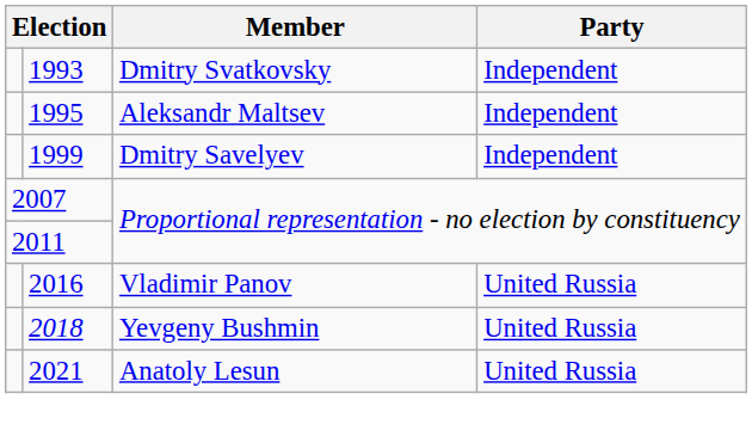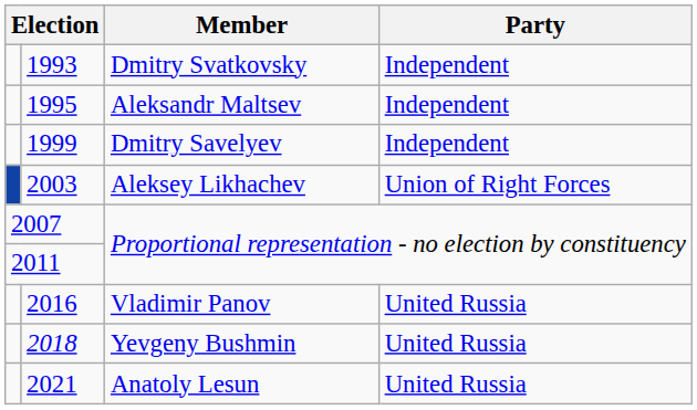 <table class="wikitable">
 <tr>
 <th colspan="2">Election</th>
 <th>Member</th>
 <th>Party</th>
 </tr>
 <tr>
 <td style="background-color:"></td>
 <td><a href='#'>1993</a></td>
 <td><a href='#'>Dmitry Svatkovsky</a></td>
 <td><a href='#'>Independent</a></td>
 </tr>
 <tr>
 <td style="background-color:"></td>
 <td><a href='#'>1995</a></td>
 <td><a href='#'>Aleksandr Maltsev</a></td>
 <td><a href='#'>Independent</a></td>
 </tr>
 <tr>
 <td style="background-color:"></td>
 <td><a href='#'>1999</a></td>
 <td><a href='#'>Dmitry Savelyev</a></td>
 <td><a href='#'>Independent</a></td>
+</tr>
+<tr>
+<td style="background-color:#1042A5"></td>
+<td><a href='#'>2003</a></td>
+<td><a href='#'>Aleksey Likhachev</a></td>
+<td><a href='#'>Union of Right Forces</a></td>
 </tr>
 <tr>
 <td colspan=2><a href='#'>2007</a></td>
 <td colspan=2 rowspan=2><em><a href='#'>Proportional representation</a> - no election by constituency</em></td>
 </tr>
 <tr>
 <td colspan=2><a href='#'>2011</a></td>
 </tr>
 <tr>
 <td style="background-color: "></td>
 <td><a href='#'>2016</a></td>
 <td><a href='#'>Vladimir Panov</a></td>
 <td><a href='#'>United Russia</a></td>
 </tr>
 <tr>
 <td style="background-color: "></td>
 <td><em><a href='#'>2018</a></em></td>
 <td><a href='#'>Yevgeny Bushmin</a></td>
 <td><a href='#'>United Russia</a></td>
 </tr>
 <tr>
 <td style="background-color: "></td>
 <td><a href='#'>2021</a></td>
 <td><a href='#'>Anatoly Lesun</a></td>
 <td><a href='#'>United Russia</a></td>
 </tr>
 </table>
